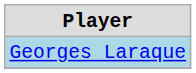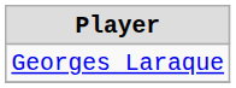 <table class="wikitable">
 <tr style="text-align:center; background:#ddd;">
 <td><strong>Player</strong></td>
 </tr>
 <tr>
-<td style="background: lightblue;"><a href='#'>Georges Laraque</a></td>
+<td><a href='#'>Georges Laraque</a></td>
 </tr>
 <tr>
 </tr>
 </table>
